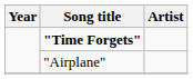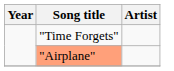 <table class="wikitable">
 <tr>
 <th>Year</th>
 <th>Song title</th>
 <th>Artist</th>
 </tr>
 <tr>
 <td rowspan="2"></td>
-<td><strong>"Time Forgets"</strong></td>
+<td>"Time Forgets"</td>
 <td></td>
 </tr>
 <tr>
-<td>"Airplane"</td>
+<td style="background: lightsalmon;">"Airplane"</td>
 <td></td>
 </tr>
 <tr>
 </tr>
 </table>
